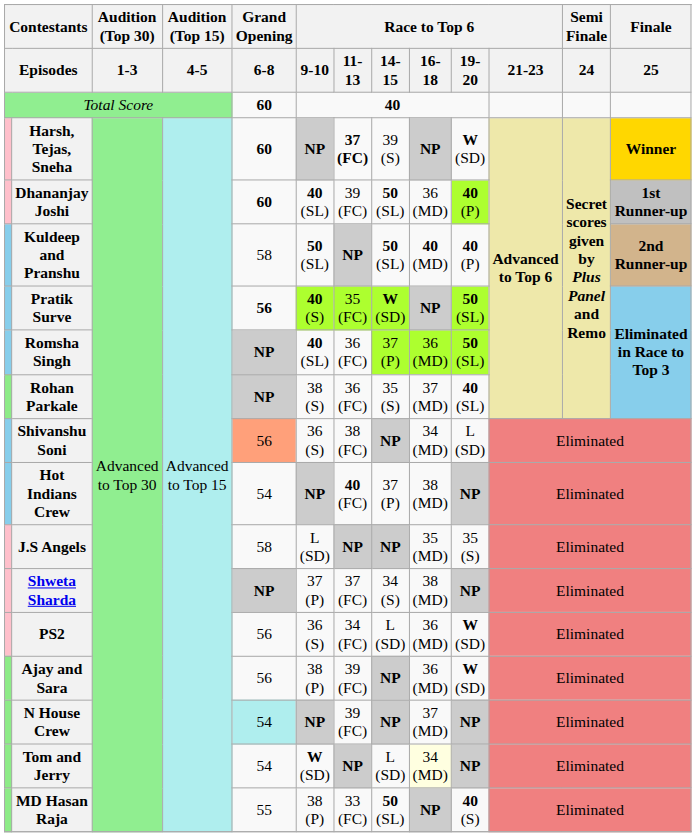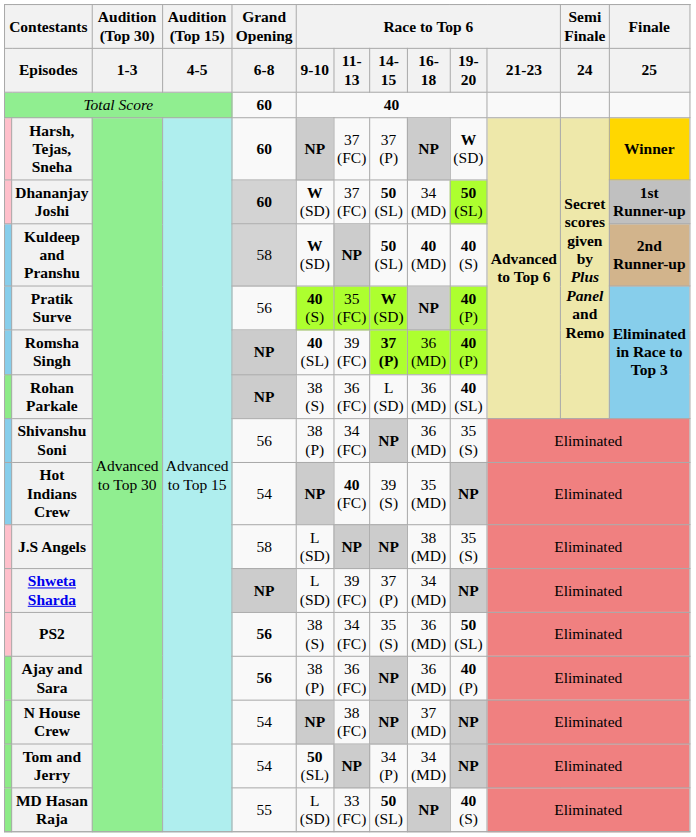 <table class="wikitable"  style="text-align:center; font-size:95%; width:55%;">
 <tr>
 </tr>
 <tr>
 <th colspan="2">Contestants</th>
 <th colspan="1" rowspan="1" style="text-align:center;">Audition (Top 30)</th>
 <th colspan="1" rowspan="1" style="text-align:center;">Audition (Top 15)</th>
 <th style="text-align:center;">Grand Opening</th>
 <th colspan="6" style="text-align:center;">Race to Top 6</th>
 <th style="text-align:center;">Semi Finale</th>
 <th style="text-align:center;">Finale</th>
 </tr>
 <tr>
 <th style="width:10%;" colspan="2">Episodes</th>
 <th style="width:10%;">1-3</th>
 <th style="width:10%;">4-5</th>
 <th style="width:10%;">6-8</th>
 <th style="width:10%;">9-10</th>
 <th style="width:10%;">11-13</th>
 <th style="width:10%;">14-15</th>
 <th style="width:10%;">16-18</th>
 <th style="width:10%;">19-20</th>
 <th style="width:10%;">21-23</th>
 <th style="width:10%;">24</th>
 <th style="width:10%;">25</th>
 </tr>
 <tr>
 <td colspan="4" style="background:#90EE90"><em>Total Score</em></td>
 <td><strong>60</strong></td>
 <td colspan=5><strong>40</strong></td>
 <td></td>
 <td></td>
 <td></td>
 </tr>
 <tr>
 <th style="background:pink;"></th>
 <th>Harsh, Tejas, Sneha</th>
 <td rowspan=15 style="background:#90EE90;">Advanced to Top 30</td>
 <td rowspan=15 style="background:#AFEEEE;">Advanced to Top 15</td>
 <td><strong>60</strong></td>
 <td style="background:#ccc"><strong>NP</strong></td>
-<td><strong>37 (FC)</strong></td>
-<td>39 (S)</td>
+<td>37 (FC)</td>
+<td>37 (P)</td>
 <td style="background:#ccc"><strong>NP</strong></td>
 <td><strong>W</strong> (SD)</td>
 <td rowspan="6" style="background:#EEE8AA"><strong>Advanced to Top 6</strong></td>
 <td rowspan="6" style="background:#EEE8AA"><strong>Secret scores given by <em>Plus Panel</em> and Remo</strong></td>
 <td style="background:gold"><strong>Winner</strong></td>
 </tr>
 <tr>
 <th style="background:pink;"></th>
 <th>Dhananjay Joshi</th>
-<td><strong>60</strong></td>
-<td><strong>40</strong> (SL)</td>
-<td>39 (FC)</td>
+<td style="background: lightgrey;"><strong>60</strong></td>
+<td><strong>W</strong> (SD)</td>
+<td>37 (FC)</td>
 <td><strong>50</strong> (SL)</td>
-<td>36 (MD)</td>
-<td style="background:#adff2f"><strong>40</strong> (P)</td>
+<td>34 (MD)</td>
+<td style="background:#adff2f"><strong>50</strong> (SL)</td>
 <td style="background:silver"><strong>1st Runner-up</strong></td>
 </tr>
 <tr>
 <th style="background:#87ceeb;"></th>
 <th>Kuldeep and Pranshu</th>
-<td>58</td>
-<td><strong>50</strong> (SL)</td>
+<td style="background: lightgrey;">58</td>
+<td><strong>W</strong> (SD)</td>
 <td style="background:#ccc"><strong>NP</strong></td>
 <td><strong>50</strong> (SL)</td>
 <td><strong>40</strong> (MD)</td>
-<td><strong>40</strong> (P)</td>
+<td><strong>40</strong> (S)</td>
 <td style="background:tan"><strong>2nd Runner-up</strong></td>
 </tr>
 <tr>
 <th style="background:#87ceeb;"></th>
 <th>Pratik Surve</th>
-<td><strong>56</strong></td>
+<td>56</td>
 <td style="background:#adff2f"><strong>40</strong> (S)</td>
 <td style="background:#adff2f">35 (FC)</td>
 <td style="background:#adff2f"><strong>W</strong> (SD)</td>
 <td style="background:#ccc"><strong>NP</strong></td>
-<td style="background:#adff2f"><strong>50</strong> (SL)</td>
+<td style="background:#adff2f"><strong>40</strong> (P)</td>
 <td rowspan="3" style="background:skyblue"><strong>Eliminated in Race to Top 3</strong></td>
 </tr>
 <tr>
 <th style="background:#87ceeb;"></th>
 <th>Romsha Singh</th>
 <td style="background:#ccc"><strong>NP</strong></td>
 <td><strong>40</strong> (SL)</td>
-<td>36 (FC)</td>
-<td style="background:#adff2f">37 (P)</td>
+<td>39 (FC)</td>
+<td style="background:#adff2f"><strong>37 (P)</strong></td>
 <td style="background:#adff2f">36 (MD)</td>
-<td style="background:#adff2f"><strong>50</strong> (SL)</td>
+<td style="background:#adff2f"><strong>40</strong> (P)</td>
 </tr>
 <tr>
 <th style="background:#8deb87;"></th>
 <th>Rohan Parkale</th>
 <td style="background:#ccc"><strong>NP</strong></td>
 <td>38 (S)</td>
 <td>36 (FC)</td>
-<td>35 (S)</td>
-<td>37 (MD)</td>
+<td>L (SD)</td>
+<td>36 (MD)</td>
 <td><strong>40</strong> (SL)</td>
 </tr>
 <tr>
 <th style="background:#87ceeb;"></th>
 <th>Shivanshu Soni</th>
-<td style="background: lightsalmon;">56</td>
-<td>36 (S)</td>
-<td>38 (FC)</td>
+<td>56</td>
+<td>38 (P)</td>
+<td>34 (FC)</td>
 <td style="background:#ccc"><strong>NP</strong></td>
-<td>34 (MD)</td>
-<td>L (SD)</td>
+<td>36 (MD)</td>
+<td>35 (S)</td>
 <td colspan="3" style="background:#F08080">Eliminated</td>
 </tr>
 <tr>
 <th style="background:#87ceeb;"></th>
 <th>Hot Indians Crew</th>
 <td>54</td>
 <td style="background:#ccc"><strong>NP</strong></td>
 <td><strong>40</strong> (FC)</td>
-<td>37 (P)</td>
-<td>38 (MD)</td>
+<td>39 (S)</td>
+<td>35 (MD)</td>
 <td style="background:#ccc"><strong>NP</strong></td>
 <td colspan="3" style="background:#F08080">Eliminated</td>
 </tr>
 <tr>
 <th style="background:pink;"></th>
 <th>J.S Angels</th>
 <td>58</td>
 <td>L (SD)</td>
 <td style="background:#ccc"><strong>NP</strong></td>
 <td style="background:#ccc"><strong>NP</strong></td>
-<td>35 (MD)</td>
+<td>38 (MD)</td>
 <td>35 (S)</td>
 <td colspan="3" style="background:#F08080">Eliminated</td>
 </tr>
 <tr>
 <th style="background:pink;"></th>
 <th><a href='#'>Shweta Sharda</a></th>
 <td style="background:#ccc"><strong>NP</strong></td>
+<td>L (SD)</td>
+<td>39 (FC)</td>
 <td>37 (P)</td>
-<td>37 (FC)</td>
-<td>34 (S)</td>
-<td>38 (MD)</td>
+<td>34 (MD)</td>
 <td style="background:#ccc"><strong>NP</strong></td>
 <td colspan="3" style="background:#F08080">Eliminated</td>
 </tr>
 <tr>
 <th style="background:pink;"></th>
 <th>PS2</th>
-<td>56</td>
-<td>36 (S)</td>
+<td><strong>56</strong></td>
+<td>38 (S)</td>
 <td>34 (FC)</td>
-<td>L (SD)</td>
+<td>35 (S)</td>
 <td>36 (MD)</td>
-<td><strong>W</strong> (SD)</td>
+<td><strong>50</strong> (SL)</td>
 <td colspan="3" style="background:#F08080">Eliminated</td>
 </tr>
 <tr>
 <th style="background:#8deb87;"></th>
 <th>Ajay and Sara</th>
-<td>56</td>
+<td><strong>56</strong></td>
 <td>38 (P)</td>
-<td>39 (FC)</td>
+<td>36 (FC)</td>
 <td style="background:#ccc"><strong>NP</strong></td>
 <td>36 (MD)</td>
-<td><strong>W</strong> (SD)</td>
+<td><strong>40</strong> (P)</td>
 <td colspan="3" style="background:#F08080">Eliminated</td>
 </tr>
 <tr>
 <th style="background:#8deb87;"></th>
 <th>N House Crew</th>
-<td style="background: paleturquoise;">54</td>
+<td>54</td>
 <td style="background:#ccc"><strong>NP</strong></td>
-<td>39 (FC)</td>
+<td>38 (FC)</td>
 <td style="background:#ccc"><strong>NP</strong></td>
 <td>37 (MD)</td>
 <td style="background:#ccc"><strong>NP</strong></td>
 <td colspan="3" style="background:#F08080">Eliminated</td>
 </tr>
 <tr>
 <th style="background:#8deb87;"></th>
 <th>Tom and Jerry</th>
 <td>54</td>
-<td><strong>W</strong> (SD)</td>
+<td><strong>50</strong> (SL)</td>
 <td style="background:#ccc"><strong>NP</strong></td>
-<td>L (SD)</td>
-<td style="background: lightyellow;">34 (MD)</td>
+<td>34 (P)</td>
+<td>34 (MD)</td>
 <td style="background:#ccc"><strong>NP</strong></td>
 <td colspan="3" style="background:#F08080">Eliminated</td>
 </tr>
 <tr>
 <th style="background:#8deb87;"></th>
 <th>MD Hasan Raja</th>
 <td>55</td>
-<td>38 (P)</td>
+<td>L (SD)</td>
 <td>33 (FC)</td>
 <td><strong>50</strong> (SL)</td>
 <td style="background:#ccc"><strong>NP</strong></td>
 <td><strong>40</strong> (S)</td>
 <td colspan="3" style="background:#F08080">Eliminated</td>
 </tr>
 <tr>
 </tr>
 </table>
